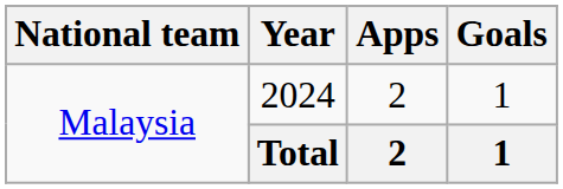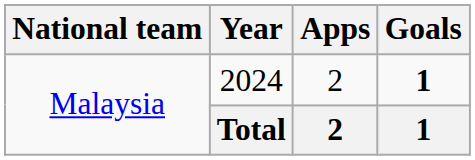 <table class=wikitable style=text-align:center>
 <tr>
 <th>National team</th>
 <th>Year</th>
 <th>Apps</th>
 <th>Goals</th>
 </tr>
 <tr>
 <td rowspan="4"><a href='#'>Malaysia</a></td>
 <td>2024</td>
 <td>2</td>
-<td>1</td>
+<td><strong>1</strong></td>
 </tr>
 <tr>
 <th colspan="1">Total</th>
 <th>2</th>
 <th>1</th>
 </tr>
 </table>
